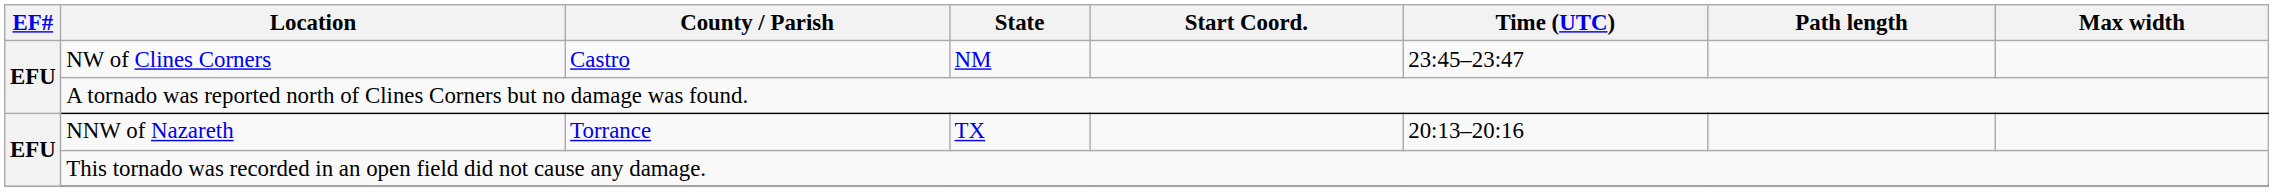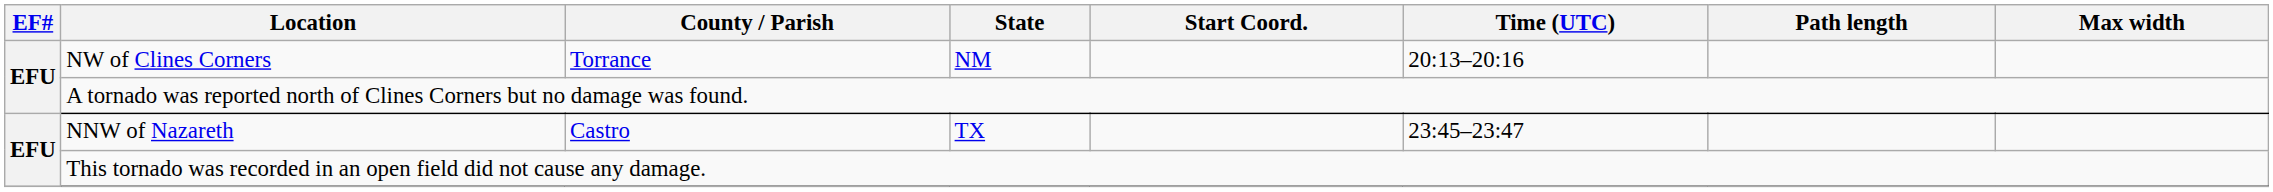 <table class="wikitable sortable" style="width:100%;">
 <tr>
 <th scope="col" width="2%" align="center"><a href='#'>EF#</a></th>
 <th scope="col" align="center" class="unsortable">Location</th>
 <th scope="col" align="center" class="unsortable">County / Parish</th>
 <th scope="col" align="center">State</th>
 <th scope="col" align="center">Start Coord.</th>
 <th scope="col" align="center">Time (<a href='#'>UTC</a>)</th>
 <th scope="col" align="center">Path length</th>
 <th scope="col" align="center">Max width</th>
 </tr>
 <tr>
 <th scope="row" rowspan="2" style="background-color:#">EFU</th>
 <td>NW of <a href='#'>Clines Corners</a></td>
-<td><a href='#'>Castro</a></td>
+<td><a href='#'>Torrance</a></td>
 <td><a href='#'>NM</a></td>
 <td></td>
-<td>23:45–23:47</td>
+<td>20:13–20:16</td>
 <td></td>
 <td></td>
 </tr>
 <tr class="expand-child">
 <td colspan="8" style=" border-bottom: 1px solid black;">A tornado was reported north of Clines Corners but no damage was found.</td>
 </tr>
 <tr>
 <th scope="row" rowspan="2" style="background-color:#">EFU</th>
 <td>NNW of <a href='#'>Nazareth</a></td>
-<td><a href='#'>Torrance</a></td>
+<td><a href='#'>Castro</a></td>
 <td><a href='#'>TX</a></td>
 <td></td>
-<td>20:13–20:16</td>
+<td>23:45–23:47</td>
 <td></td>
 <td></td>
 </tr>
 <tr class="expand-child">
 <td colspan="8" style=" border-bottom: 1px solid black;">This tornado was recorded in an open field did not cause any damage.</td>
 </tr>
 <tr>
 </tr>
 </table>
